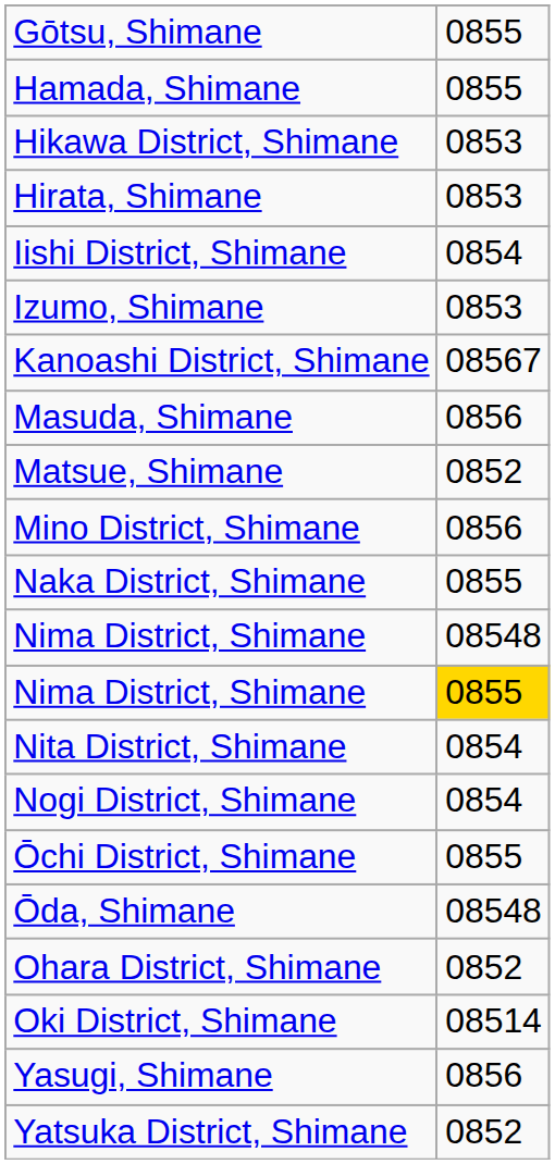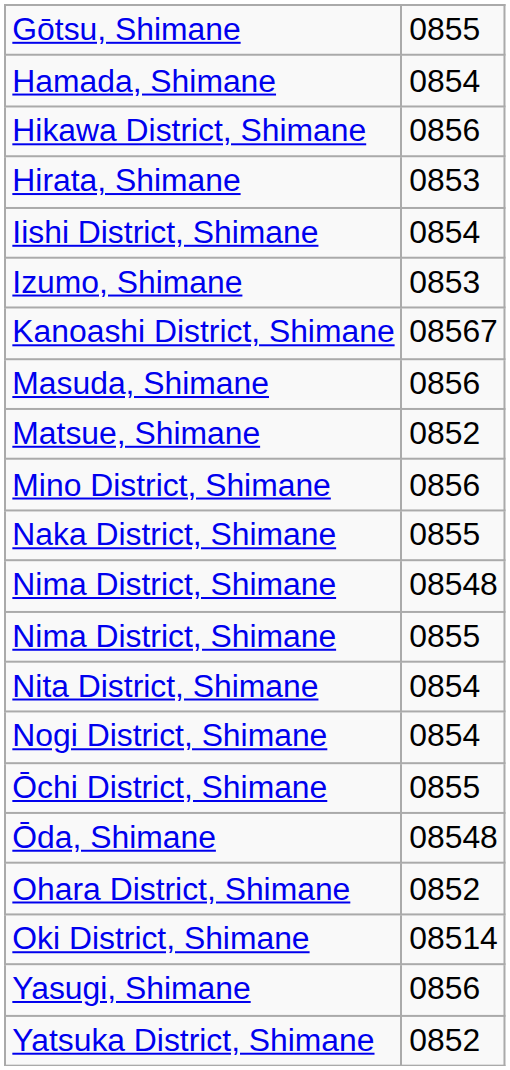 <table class="wikitable">
 <tr>
 <td><a href='#'>Gōtsu, Shimane</a></td>
 <td>0855</td>
 </tr>
 <tr>
 <td><a href='#'>Hamada, Shimane</a></td>
-<td>0855</td>
+<td>0854</td>
 </tr>
 <tr>
 <td><a href='#'>Hikawa District, Shimane</a></td>
-<td>0853</td>
+<td>0856</td>
 </tr>
 <tr>
 <td><a href='#'>Hirata, Shimane</a></td>
 <td>0853</td>
 </tr>
 <tr>
 <td><a href='#'>Iishi District, Shimane</a></td>
 <td>0854</td>
 </tr>
 <tr>
 <td><a href='#'>Izumo, Shimane</a></td>
 <td>0853</td>
 </tr>
 <tr>
 <td><a href='#'>Kanoashi District, Shimane</a></td>
 <td>08567</td>
 </tr>
 <tr>
 <td><a href='#'>Masuda, Shimane</a></td>
 <td>0856</td>
 </tr>
 <tr>
 <td><a href='#'>Matsue, Shimane</a></td>
 <td>0852</td>
 </tr>
 <tr>
 <td><a href='#'>Mino District, Shimane</a></td>
 <td>0856</td>
 </tr>
 <tr>
 <td><a href='#'>Naka District, Shimane</a></td>
 <td>0855</td>
 </tr>
 <tr>
 <td><a href='#'>Nima District, Shimane</a></td>
 <td>08548</td>
 </tr>
 <tr>
 <td><a href='#'>Nima District, Shimane</a></td>
-<td style="background: gold;">0855</td>
+<td>0855</td>
 </tr>
 <tr>
 <td><a href='#'>Nita District, Shimane</a></td>
 <td>0854</td>
 </tr>
 <tr>
 <td><a href='#'>Nogi District, Shimane</a></td>
 <td>0854</td>
 </tr>
 <tr>
 <td><a href='#'>Ōchi District, Shimane</a></td>
 <td>0855</td>
 </tr>
 <tr>
 <td><a href='#'>Ōda, Shimane</a></td>
 <td>08548</td>
 </tr>
 <tr>
 <td><a href='#'>Ohara District, Shimane</a></td>
 <td>0852</td>
 </tr>
 <tr>
 <td><a href='#'>Oki District, Shimane</a></td>
 <td>08514</td>
 </tr>
 <tr>
 <td><a href='#'>Yasugi, Shimane</a></td>
 <td>0856</td>
 </tr>
 <tr>
 <td><a href='#'>Yatsuka District, Shimane</a></td>
 <td>0852</td>
 </tr>
 </table>
